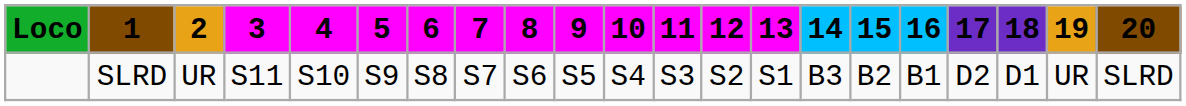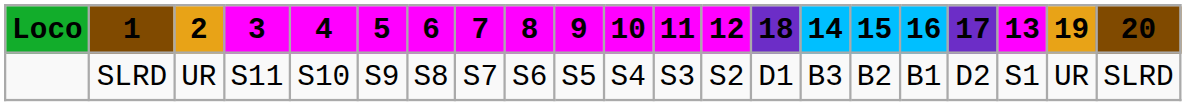 <table class="wikitable plainrowheaders unsortable" style="text-align:center">
 <tr>
 <th scope="col" rowspan="1" style="background:#12ad2b;"><span> Loco</span></th>
 <th scope="col" rowspan="1" style="background:#804a00;"><span> 1</span></th>
 <th scope="col" rowspan="1" style="background:#e8a317;"><span> 2</span></th>
 <th scope="col" rowspan="1" style="background:#ff00ff;"><span> 3</span></th>
 <th scope="col" rowspan="1" style="background:#ff00ff;"><span> 4</span></th>
 <th scope="col" rowspan="1" style="background:#ff00ff;"><span> 5</span></th>
 <th scope="col" rowspan="1" style="background:#ff00ff;"><span> 6</span></th>
 <th scope="col" rowspan="1" style="background:#ff00ff;"><span> 7</span></th>
 <th scope="col" rowspan="1" style="background:#ff00ff;"><span> 8</span></th>
 <th scope="col" rowspan="1" style="background:#ff00ff;"><span> 9</span></th>
 <th scope="col" rowspan="1" style="background:#ff00ff;"><span> 10</span></th>
 <th scope="col" rowspan="1" style="background:#ff00ff;"><span> 11</span></th>
 <th scope="col" rowspan="1" style="background:#ff00ff;"><span> 12</span></th>
-<th scope="col" rowspan="1" style="background:#ff00ff;"><span> 13</span></th>
+<th scope="col" rowspan="1" style="background:#6c2dc7;"><span> 18</span></th>
 <th scope="col" rowspan="1" style="background:#00bfff;"><span> 14</span></th>
 <th scope="col" rowspan="1" style="background:#00bfff;"><span> 15</span></th>
 <th scope="col" rowspan="1" style="background:#00bfff;"><span> 16</span></th>
 <th scope="col" rowspan="1" style="background:#6c2dc7;"><span> 17</span></th>
-<th scope="col" rowspan="1" style="background:#6c2dc7;"><span> 18</span></th>
+<th scope="col" rowspan="1" style="background:#ff00ff;"><span> 13</span></th>
 <th scope="col" rowspan="1" style="background:#e8a317;"><span> 19</span></th>
 <th scope="col" rowspan="1" style="background:#804a00;"><span> 20</span></th>
 </tr>
 <tr>
 <td></td>
 <td><span> SLRD</span></td>
 <td><span>UR</span></td>
 <td><span>S11</span></td>
 <td><span>S10</span></td>
 <td><span>S9</span></td>
 <td><span>S8</span></td>
 <td><span>S7</span></td>
 <td><span>S6</span></td>
 <td><span>S5</span></td>
 <td><span>S4</span></td>
 <td><span>S3</span></td>
 <td><span>S2</span></td>
-<td><span>S1</span></td>
+<td><span>D1</span></td>
 <td><span>B3</span></td>
 <td><span>B2</span></td>
 <td><span>B1</span></td>
 <td><span>D2</span></td>
-<td><span>D1</span></td>
+<td><span>S1</span></td>
 <td><span>UR</span></td>
 <td><span>SLRD</span></td>
 </tr>
 </table>
